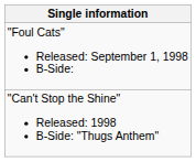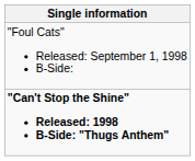 <table class="wikitable">
 <tr>
 <th>Single information</th>
 </tr>
 <tr>
 <td>"Foul Cats"<br><ul><li>Released: September 1, 1998</li><li>B-Side:</li></ul></td>
 </tr>
 <tr>
-<td>"Can't Stop the Shine"<br><ul><li>Released: 1998</li><li>B-Side: "Thugs Anthem"</li></ul></td>
+<td><strong>"Can't Stop the Shine"<br><ul><li>Released: 1998</li><li>B-Side: "Thugs Anthem"</li></ul></strong></td>
 </tr>
 </table>
